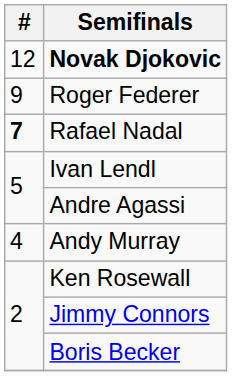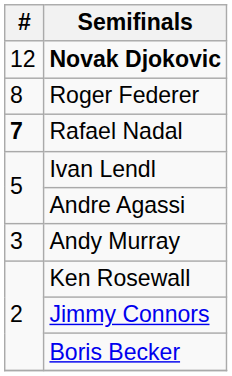 <table class="wikitable" style="display:inline-table;">
 <tr>
 <th width=20>#</th>
 <th>Semifinals</th>
 </tr>
 <tr>
 <td>12</td>
 <td> <strong>Novak Djokovic</strong></td>
 </tr>
 <tr>
-<td>9</td>
+<td>8</td>
 <td> Roger Federer</td>
 </tr>
 <tr>
 <td><strong>7</strong></td>
 <td> Rafael Nadal</td>
 </tr>
 <tr>
 <td rowspan="2">5</td>
 <td> Ivan Lendl</td>
 </tr>
 <tr>
 <td> Andre Agassi</td>
 </tr>
 <tr>
-<td>4</td>
+<td>3</td>
 <td> Andy Murray</td>
 </tr>
 <tr>
 <td rowspan="3">2</td>
 <td> Ken Rosewall</td>
 </tr>
 <tr>
 <td> <a href='#'>Jimmy Connors</a></td>
 </tr>
 <tr>
 <td> <a href='#'>Boris Becker</a></td>
 </tr>
 <tr>
 </tr>
 </table>
